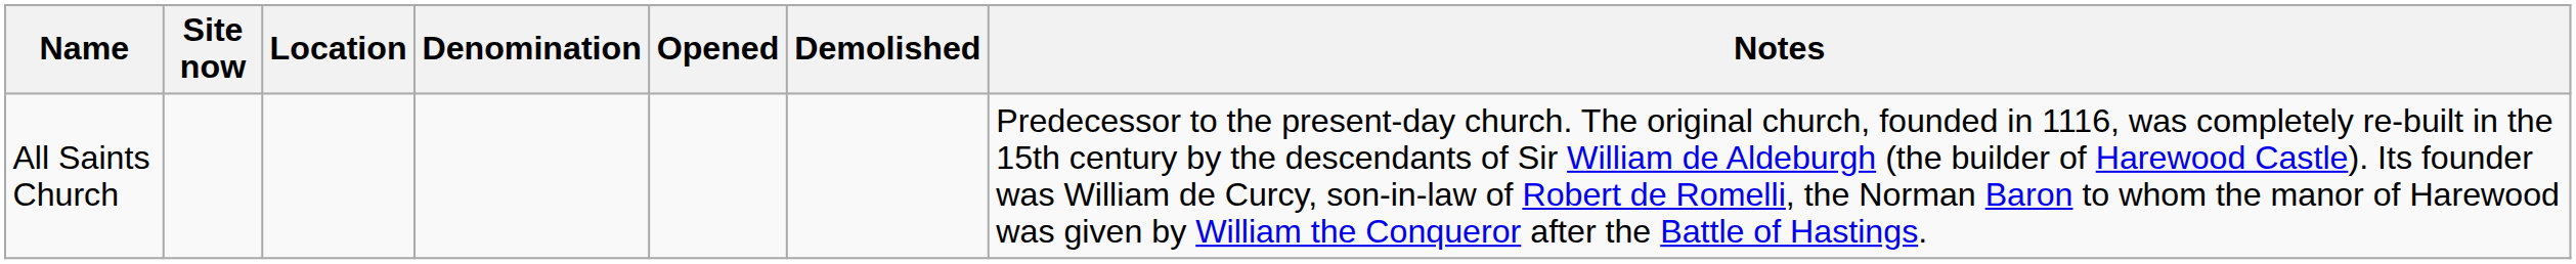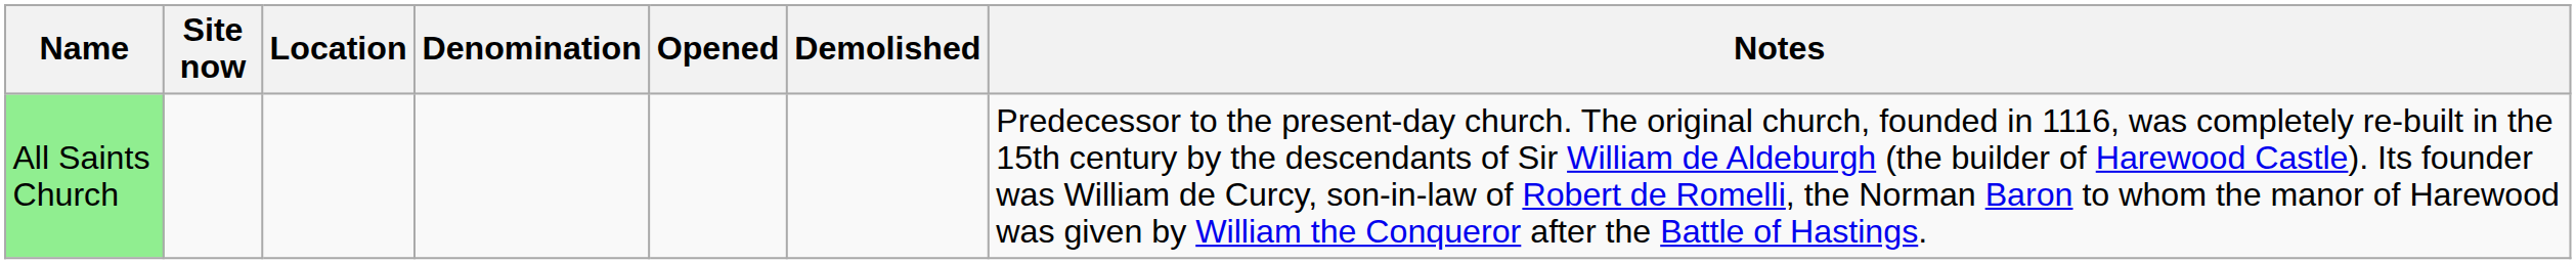 <table class="wikitable sortable">
 <tr>
 <th>Name</th>
 <th class="unsortable">Site now</th>
 <th>Location</th>
 <th>Denomination</th>
 <th>Opened</th>
 <th>Demolished</th>
 <th class="unsortable">Notes</th>
 </tr>
 <tr>
-<td>All Saints Church</td>
+<td style="background: lightgreen;">All Saints Church</td>
 <td></td>
 <td></td>
 <td></td>
 <td></td>
 <td></td>
 <td>Predecessor to the present-day church. The original church, founded in 1116, was completely re-built in the 15th century by the descendants of Sir <a href='#'>William de Aldeburgh</a> (the builder of <a href='#'>Harewood Castle</a>). Its founder was William de Curcy, son-in-law of <a href='#'>Robert de Romelli</a>, the Norman <a href='#'>Baron</a> to whom the manor of Harewood was given by <a href='#'>William the Conqueror</a> after the <a href='#'>Battle of Hastings</a>.</td>
 </tr>
 </table>
